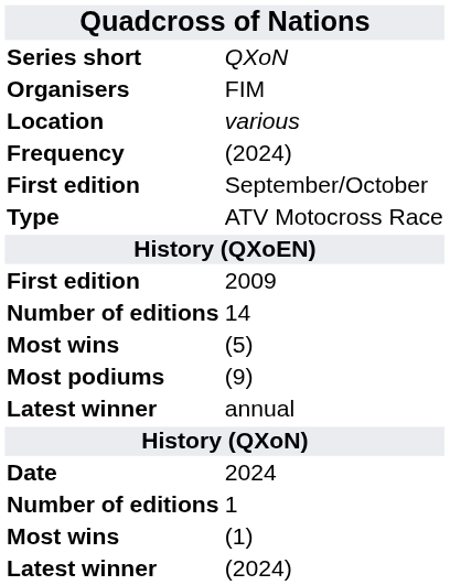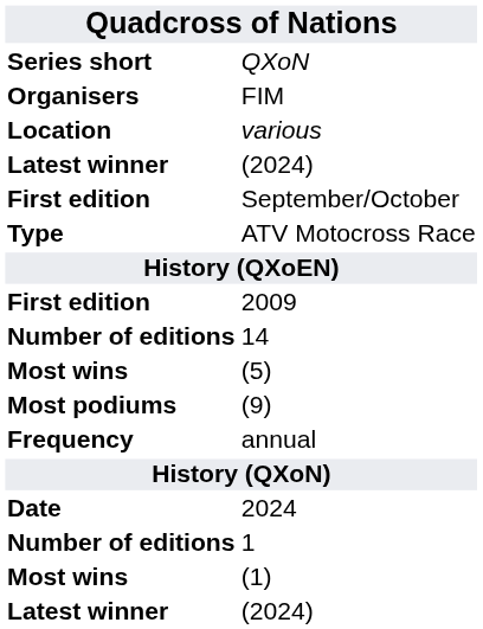 <table class="toccolours" style="float: right; margin: 0 0 1em 1em;">
 <tr>
 <th colspan="2" style="background:#EAECF0;"><big>Quadcross of Nations</big></th>
 </tr>
 <tr>
 <td><strong>Series short</strong></td>
 <td><em>QXoN</em></td>
 </tr>
 <tr>
 <td><strong>Organisers</strong></td>
 <td>FIM</td>
 </tr>
 <tr>
 <td><strong>Location</strong></td>
 <td><em>various</em></td>
 </tr>
 <tr>
-<td><strong>Frequency</strong></td>
+<td><strong>Latest winner</strong></td>
 <td> (2024)</td>
 </tr>
 <tr>
 <td><strong>First edition</strong></td>
 <td>September/October</td>
 </tr>
 <tr>
 <td><strong>Type</strong></td>
 <td>ATV Motocross Race</td>
 </tr>
 <tr>
 <th colspan="2" style="background:#EAECF0;">History (QXoEN)</th>
 </tr>
 <tr>
 <td><strong>First edition</strong></td>
 <td>2009</td>
 </tr>
 <tr>
 <td><strong>Number of editions</strong></td>
 <td>14</td>
 </tr>
 <tr>
 <td valign=top><strong>Most wins</strong></td>
 <td> (5)</td>
 </tr>
 <tr>
 <td><strong>Most podiums</strong></td>
 <td> (9)</td>
 </tr>
 <tr>
-<td><strong>Latest winner</strong></td>
+<td><strong>Frequency</strong></td>
 <td>annual</td>
 </tr>
 <tr>
 <th colspan="2" style="background:#EAECF0;">History (QXoN)</th>
 </tr>
 <tr>
 <td><strong>Date</strong></td>
 <td>2024</td>
 </tr>
 <tr>
 <td><strong>Number of editions</strong></td>
 <td>1</td>
 </tr>
 <tr>
 <td valign=top><strong>Most wins</strong></td>
 <td> (1)</td>
 </tr>
 <tr>
 <td><strong>Latest winner</strong></td>
 <td> (2024)</td>
 </tr>
 <tr>
 </tr>
 </table>
